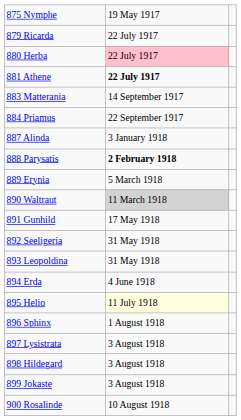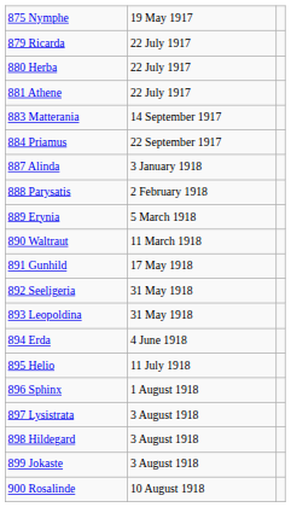 <table class="wikitable" style="font-size: 89%; float: left; width: 24em; margin-right: 1em; line-height: 1.65em !important; height: 540px;">
 <tr>
 <td><a href='#'>875 Nymphe</a></td>
 <td>19 May 1917</td>
 <td><small></small></td>
 </tr>
 <tr>
 <td><a href='#'>879 Ricarda</a></td>
 <td>22 July 1917</td>
 <td><small></small></td>
 </tr>
 <tr>
 <td><a href='#'>880 Herba</a></td>
-<td style="background: pink;">22 July 1917</td>
+<td>22 July 1917</td>
 <td><small></small></td>
 </tr>
 <tr>
 <td><a href='#'>881 Athene</a></td>
-<td><strong>22 July 1917</strong></td>
+<td>22 July 1917</td>
 <td><small></small></td>
 </tr>
 <tr>
 <td><a href='#'>883 Matterania</a></td>
 <td>14 September 1917</td>
 <td><small></small></td>
 </tr>
 <tr>
 <td><a href='#'>884 Priamus</a></td>
 <td>22 September 1917</td>
 <td><small></small></td>
 </tr>
 <tr>
 <td><a href='#'>887 Alinda</a></td>
 <td>3 January 1918</td>
 <td><small></small></td>
 </tr>
 <tr>
 <td><a href='#'>888 Parysatis</a></td>
-<td><strong>2 February 1918</strong></td>
+<td>2 February 1918</td>
 <td><small></small></td>
 </tr>
 <tr>
 <td><a href='#'>889 Erynia</a></td>
 <td>5 March 1918</td>
 <td><small></small></td>
 </tr>
 <tr>
 <td><a href='#'>890 Waltraut</a></td>
-<td style="background: lightgrey;">11 March 1918</td>
+<td>11 March 1918</td>
 <td><small></small></td>
 </tr>
 <tr>
 <td><a href='#'>891 Gunhild</a></td>
 <td>17 May 1918</td>
 <td><small></small></td>
 </tr>
 <tr>
 <td><a href='#'>892 Seeligeria</a></td>
 <td>31 May 1918</td>
 <td><small></small></td>
 </tr>
 <tr>
 <td><a href='#'>893 Leopoldina</a></td>
 <td>31 May 1918</td>
 <td><small></small></td>
 </tr>
 <tr>
 <td><a href='#'>894 Erda</a></td>
 <td>4 June 1918</td>
 <td><small></small></td>
 </tr>
 <tr>
 <td><a href='#'>895 Helio</a></td>
-<td style="background: lightyellow;">11 July 1918</td>
+<td>11 July 1918</td>
 <td><small></small></td>
 </tr>
 <tr>
 <td><a href='#'>896 Sphinx</a></td>
 <td>1 August 1918</td>
 <td><small></small></td>
 </tr>
 <tr>
 <td><a href='#'>897 Lysistrata</a></td>
 <td>3 August 1918</td>
 <td><small></small></td>
 </tr>
 <tr>
 <td><a href='#'>898 Hildegard</a></td>
 <td>3 August 1918</td>
 <td><small></small></td>
 </tr>
 <tr>
 <td><a href='#'>899 Jokaste</a></td>
 <td>3 August 1918</td>
 <td><small></small></td>
 </tr>
 <tr>
 <td><a href='#'>900 Rosalinde</a></td>
 <td>10 August 1918</td>
 <td><small></small></td>
 </tr>
 </table>
